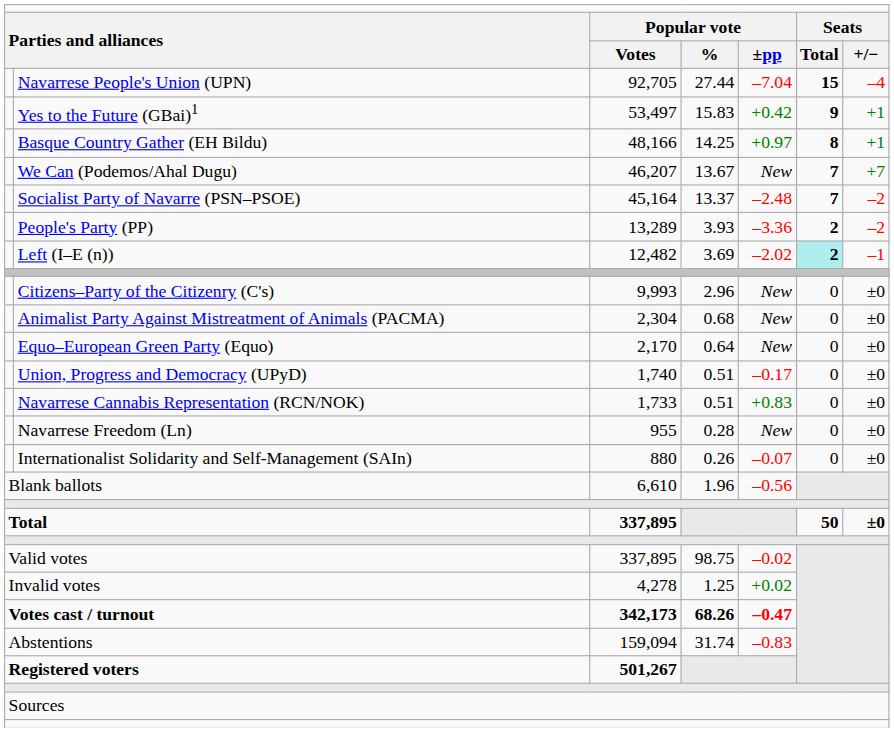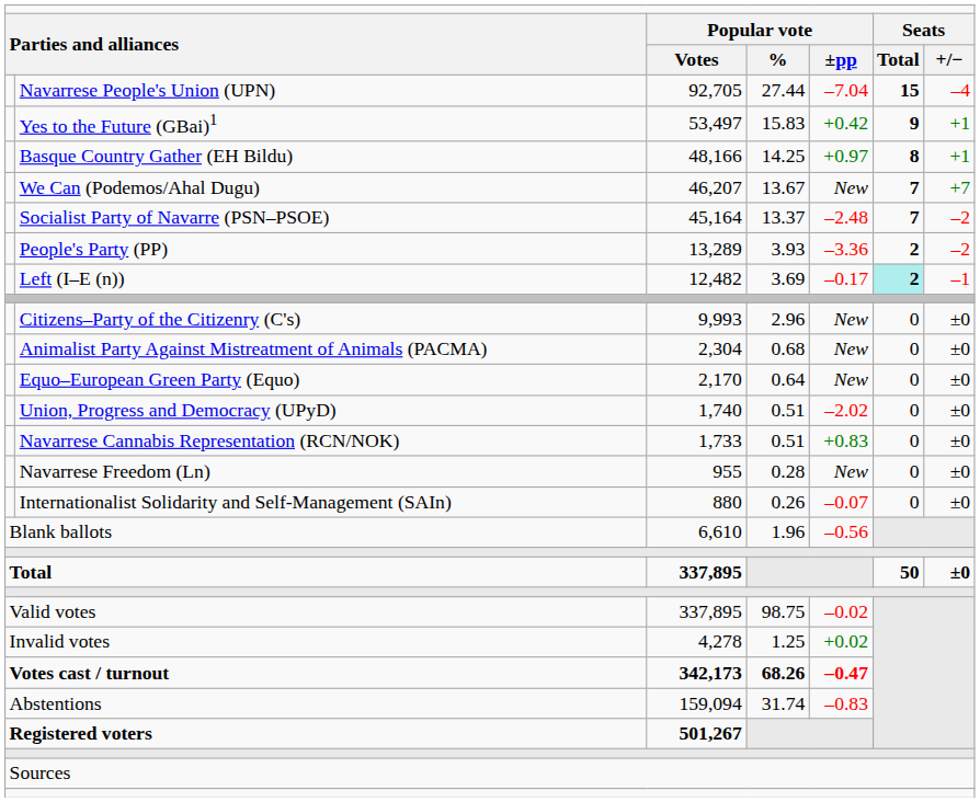 <table class="wikitable" style="text-align:right;">
 <tr>
 <td colspan="7"></td>
 </tr>
 <tr>
 <th style="text-align:left;" rowspan="2" colspan="2" width="525">Parties and alliances</th>
 <th colspan="3">Popular vote</th>
 <th colspan="2">Seats</th>
 </tr>
 <tr>
 <th width="75">Votes</th>
 <th width="45">%</th>
 <th width="45">±<a href='#'>pp</a></th>
 <th width="35">Total</th>
 <th width="35">+/−</th>
 </tr>
 <tr>
 <td width="1" style="color:inherit;background:"></td>
 <td align="left"><a href='#'>Navarrese People's Union</a> (UPN)</td>
 <td>92,705</td>
 <td>27.44</td>
 <td style="color:red;">–7.04</td>
 <td><strong>15</strong></td>
 <td style="color:red;">–4</td>
 </tr>
 <tr>
 <td style="color:inherit;background:"></td>
 <td align="left"><a href='#'>Yes to the Future</a> (GBai)<sup>1</sup></td>
 <td>53,497</td>
 <td>15.83</td>
 <td style="color:green;">+0.42</td>
 <td><strong>9</strong></td>
 <td style="color:green;">+1</td>
 </tr>
 <tr>
 <td style="color:inherit;background:"></td>
 <td align="left"><a href='#'>Basque Country Gather</a> (EH Bildu)</td>
 <td>48,166</td>
 <td>14.25</td>
 <td style="color:green;">+0.97</td>
 <td><strong>8</strong></td>
 <td style="color:green;">+1</td>
 </tr>
 <tr>
 <td style="color:inherit;background:"></td>
 <td align="left"><a href='#'>We Can</a> (Podemos/Ahal Dugu)</td>
 <td>46,207</td>
 <td>13.67</td>
 <td><em>New</em></td>
 <td><strong>7</strong></td>
 <td style="color:green;">+7</td>
 </tr>
 <tr>
 <td style="color:inherit;background:"></td>
 <td align="left"><a href='#'>Socialist Party of Navarre</a> (PSN–PSOE)</td>
 <td>45,164</td>
 <td>13.37</td>
 <td style="color:red;">–2.48</td>
 <td><strong>7</strong></td>
 <td style="color:red;">–2</td>
 </tr>
 <tr>
 <td style="color:inherit;background:"></td>
 <td align="left"><a href='#'>People's Party</a> (PP)</td>
 <td>13,289</td>
 <td>3.93</td>
 <td style="color:red;">–3.36</td>
 <td><strong>2</strong></td>
 <td style="color:red;">–2</td>
 </tr>
 <tr>
 <td style="color:inherit;background:"></td>
 <td align="left"><a href='#'>Left</a> (I–E (n))</td>
 <td>12,482</td>
 <td>3.69</td>
-<td style="color:red;">–2.02</td>
+<td style="color:red;">–0.17</td>
 <td style="background: paleturquoise;"><strong>2</strong></td>
 <td style="color:red;">–1</td>
 </tr>
 <tr>
 <td colspan="7" bgcolor="#C0C0C0"></td>
 </tr>
 <tr>
 <td style="color:inherit;background:"></td>
 <td align="left"><a href='#'>Citizens–Party of the Citizenry</a> (C's)</td>
 <td>9,993</td>
 <td>2.96</td>
 <td><em>New</em></td>
 <td>0</td>
 <td>±0</td>
 </tr>
 <tr>
 <td style="color:inherit;background:"></td>
 <td align="left"><a href='#'>Animalist Party Against Mistreatment of Animals</a> (PACMA)</td>
 <td>2,304</td>
 <td>0.68</td>
 <td><em>New</em></td>
 <td>0</td>
 <td>±0</td>
 </tr>
 <tr>
 <td style="color:inherit;background:"></td>
 <td align="left"><a href='#'>Equo–European Green Party</a> (Equo)</td>
 <td>2,170</td>
 <td>0.64</td>
 <td><em>New</em></td>
 <td>0</td>
 <td>±0</td>
 </tr>
 <tr>
 <td style="color:inherit;background:"></td>
 <td align="left"><a href='#'>Union, Progress and Democracy</a> (UPyD)</td>
 <td>1,740</td>
 <td>0.51</td>
-<td style="color:red;">–0.17</td>
+<td style="color:red;">–2.02</td>
 <td>0</td>
 <td>±0</td>
 </tr>
 <tr>
 <td style="color:inherit;background:"></td>
 <td align="left"><a href='#'>Navarrese Cannabis Representation</a> (RCN/NOK)</td>
 <td>1,733</td>
 <td>0.51</td>
 <td style="color:green;">+0.83</td>
 <td>0</td>
 <td>±0</td>
 </tr>
 <tr>
 <td style="color:inherit;background:"></td>
 <td align="left">Navarrese Freedom (Ln)</td>
 <td>955</td>
 <td>0.28</td>
 <td><em>New</em></td>
 <td>0</td>
 <td>±0</td>
 </tr>
 <tr>
 <td style="color:inherit;background:"></td>
 <td align="left">Internationalist Solidarity and Self-Management (SAIn)</td>
 <td>880</td>
 <td>0.26</td>
 <td style="color:red;">–0.07</td>
 <td>0</td>
 <td>±0</td>
 </tr>
 <tr>
 <td align="left" colspan="2">Blank ballots</td>
 <td>6,610</td>
 <td>1.96</td>
 <td style="color:red;">–0.56</td>
 <td bgcolor="#E9E9E9" colspan="2"></td>
 </tr>
 <tr>
 <td colspan="7" bgcolor="#E9E9E9"></td>
 </tr>
 <tr style="font-weight:bold;">
 <td align="left" colspan="2">Total</td>
 <td>337,895</td>
 <td bgcolor="#E9E9E9" colspan="2"></td>
 <td>50</td>
 <td>±0</td>
 </tr>
 <tr>
 <td colspan="7" bgcolor="#E9E9E9"></td>
 </tr>
 <tr>
 <td align="left" colspan="2">Valid votes</td>
 <td>337,895</td>
 <td>98.75</td>
 <td style="color:red;">–0.02</td>
 <td bgcolor="#E9E9E9" colspan="2" rowspan="5"></td>
 </tr>
 <tr>
 <td align="left" colspan="2">Invalid votes</td>
 <td>4,278</td>
 <td>1.25</td>
 <td style="color:green;">+0.02</td>
 </tr>
 <tr style="font-weight:bold;">
 <td align="left" colspan="2">Votes cast / turnout</td>
 <td>342,173</td>
 <td>68.26</td>
 <td style="color:red;">–0.47</td>
 </tr>
 <tr>
 <td align="left" colspan="2">Abstentions</td>
 <td>159,094</td>
 <td>31.74</td>
 <td style="color:red;">–0.83</td>
 </tr>
 <tr style="font-weight:bold;">
 <td align="left" colspan="2">Registered voters</td>
 <td>501,267</td>
 <td bgcolor="#E9E9E9" colspan="2"></td>
 </tr>
 <tr>
 <td colspan="7" bgcolor="#E9E9E9"></td>
 </tr>
 <tr>
 <td align="left" colspan="7">Sources</td>
 </tr>
 <tr>
 <td colspan="7" style="text-align:left; max-width:790px;"></td>
 </tr>
 </table>
